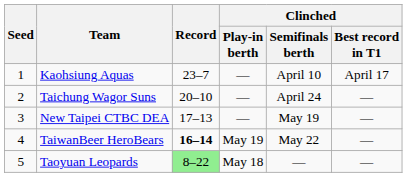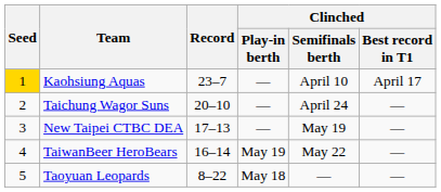 <table class="wikitable"  style="font-size:95%; text-align:center">
 <tr>
 <th rowspan=2>Seed</th>
 <th rowspan=2>Team</th>
 <th rowspan=2>Record</th>
 <th colspan=3>Clinched</th>
 </tr>
 <tr>
 <th>Play-in<br>berth</th>
 <th>Semifinals<br>berth</th>
 <th>Best record<br>in T1</th>
 </tr>
 <tr>
-<td>1</td>
+<td style="background: gold;">1</td>
 <td align=left><a href='#'>Kaohsiung Aquas</a></td>
 <td>23–7</td>
 <td>—</td>
 <td>April 10</td>
 <td>April 17</td>
 </tr>
 <tr>
 <td>2</td>
 <td align=left><a href='#'>Taichung Wagor Suns</a></td>
 <td>20–10</td>
 <td>—</td>
 <td>April 24</td>
 <td>—</td>
 </tr>
 <tr>
 <td>3</td>
 <td align=left><a href='#'>New Taipei CTBC DEA</a></td>
 <td>17–13</td>
 <td>—</td>
 <td>May 19</td>
 <td>—</td>
 </tr>
 <tr>
 <td>4</td>
 <td align=left><a href='#'>TaiwanBeer HeroBears</a></td>
-<td><strong>16–14</strong></td>
+<td>16–14</td>
 <td>May 19</td>
 <td>May 22</td>
 <td>—</td>
 </tr>
 <tr>
 <td>5</td>
 <td align=left><a href='#'>Taoyuan Leopards</a></td>
-<td style="background: lightgreen;">8–22</td>
+<td>8–22</td>
 <td>May 18</td>
 <td>—</td>
 <td>—</td>
 </tr>
 </table>
